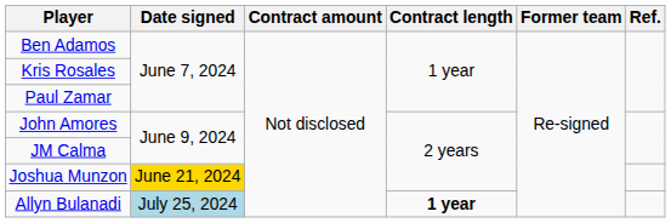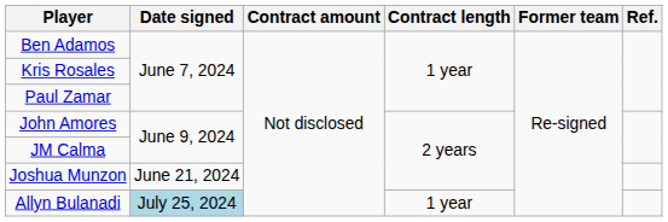 <table class="wikitable sortable sortable">
 <tr>
 <th>Player</th>
 <th>Date signed</th>
 <th>Contract amount</th>
 <th>Contract length</th>
 <th>Former team</th>
 <th>Ref.</th>
 </tr>
 <tr>
 <td align=center><a href='#'>Ben Adamos</a></td>
 <td align=center rowspan=3>June 7, 2024</td>
 <td align=center rowspan=7>Not disclosed</td>
 <td align=center rowspan=3>1 year</td>
 <td align=center rowspan=7>Re-signed</td>
 <td align=center rowspan=3></td>
 </tr>
 <tr>
 <td align=center><a href='#'>Kris Rosales</a></td>
 </tr>
 <tr>
 <td align=center><a href='#'>Paul Zamar</a></td>
 </tr>
 <tr>
 <td align=center><a href='#'>John Amores</a></td>
 <td align=center rowspan=2>June 9, 2024</td>
 <td align=center rowspan=3>2 years</td>
 <td align=center rowspan=2></td>
 </tr>
 <tr>
 <td align=center><a href='#'>JM Calma</a></td>
 </tr>
 <tr>
 <td align=center><a href='#'>Joshua Munzon</a></td>
-<td align=center style="background: gold;">June 21, 2024</td>
+<td align=center>June 21, 2024</td>
 <td align=center></td>
 </tr>
 <tr>
 <td align=center><a href='#'>Allyn Bulanadi</a></td>
 <td align=center style="background: lightblue;">July 25, 2024</td>
-<td align=center><strong>1 year</strong></td>
+<td align=center>1 year</td>
 <td align=center></td>
 </tr>
 </table>
